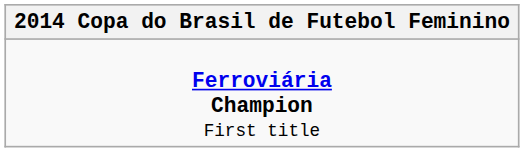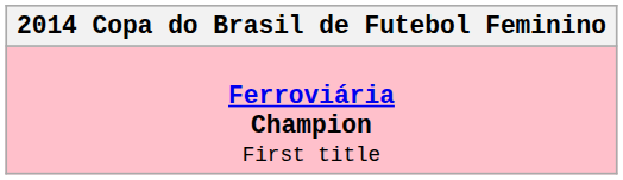 <table class="wikitable" style="margin: 0 auto; width: 20%;">
 <tr>
 <th>2014 Copa do Brasil de Futebol Feminino</th>
 </tr>
 <tr>
-<td align=center> <br><strong><a href='#'>Ferroviária</a></strong><br><strong>Champion</strong><br><small>First title</small></td>
+<td align=center style="background: pink;"> <br><strong><a href='#'>Ferroviária</a></strong><br><strong>Champion</strong><br><small>First title</small></td>
 </tr>
 </table>
